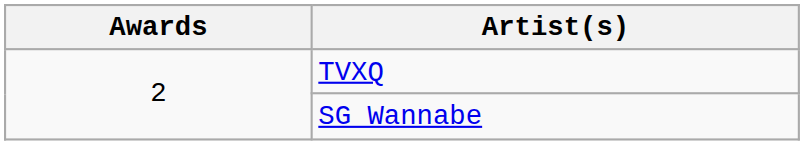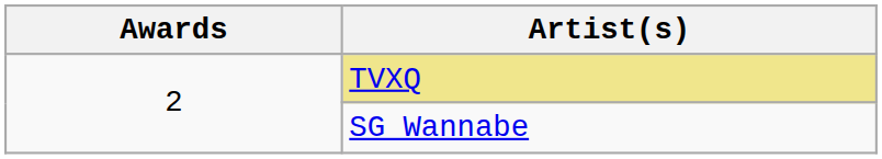 <table class="wikitable"  style="width:30%;">
 <tr>
 <th scope="col">Awards</th>
 <th scope="col">Artist(s)</th>
 </tr>
 <tr>
 <td rowspan=2 align=center>2</td>
-<td><a href='#'>TVXQ</a></td>
+<td style="background: khaki;"><a href='#'>TVXQ</a></td>
 </tr>
 <tr>
 <td><a href='#'>SG Wannabe</a></td>
 </tr>
 </table>
